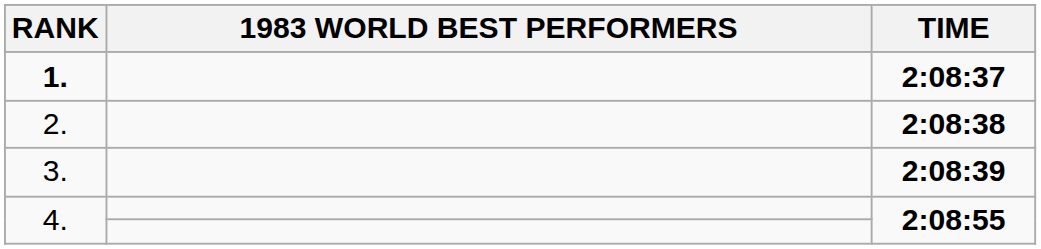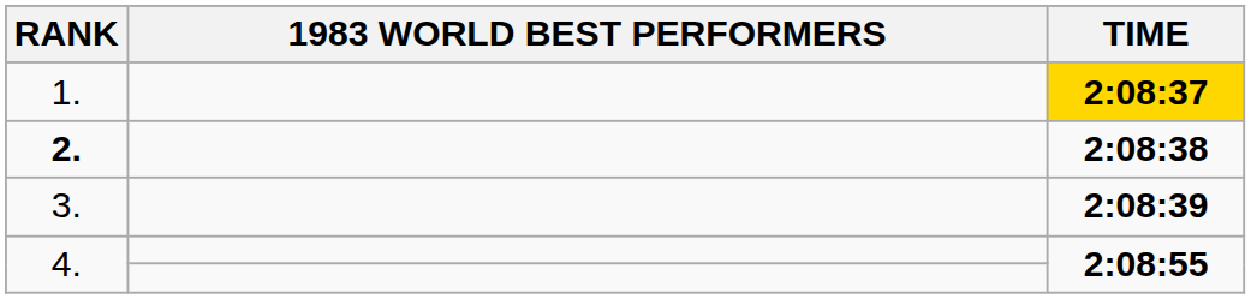 <table class=wikitable>
 <tr>
 <th>RANK</th>
 <th align="center" style="width: 25em">1983 WORLD BEST PERFORMERS</th>
 <th align="center" style="width: 5em">TIME</th>
 </tr>
 <tr>
-<td align="center"><strong>1.</strong></td>
+<td align="center">1.</td>
 <td></td>
-<td align="center"><strong>2:08:37</strong></td>
+<td align="center" style="background: gold;"><strong>2:08:37</strong></td>
 </tr>
 <tr>
-<td align="center">2.</td>
+<td align="center"><strong>2.</strong></td>
 <td></td>
 <td align="center"><strong>2:08:38</strong></td>
 </tr>
 <tr>
 <td align="center">3.</td>
 <td></td>
 <td align="center"><strong>2:08:39</strong></td>
 </tr>
 <tr>
 <td rowspan=2 align="center">4.</td>
 <td></td>
 <td rowspan=2 align="center"><strong>2:08:55</strong></td>
 </tr>
 <tr>
 <td></td>
 </tr>
 </table>
